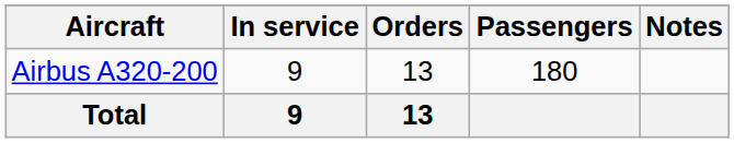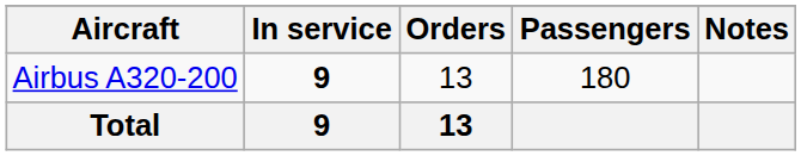 <table class="wikitable" style="margin:1em auto; border-collapse:collapse; text-align:center">
 <tr>
 </tr>
 <tr>
 <th>Aircraft</th>
 <th>In service</th>
 <th>Orders</th>
 <th>Passengers</th>
 <th>Notes</th>
 </tr>
 <tr>
 <td><a href='#'>Airbus A320-200</a></td>
-<td>9</td>
+<td><strong>9</strong></td>
 <td>13</td>
 <td>180</td>
 </tr>
 <tr>
 <th>Total</th>
 <th>9</th>
 <th>13</th>
 <th></th>
 <th></th>
 </tr>
 </table>
